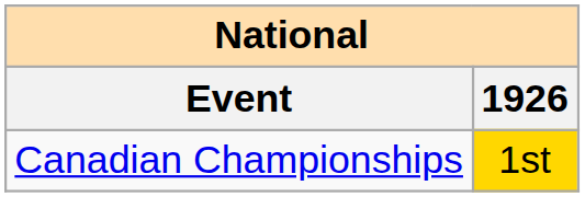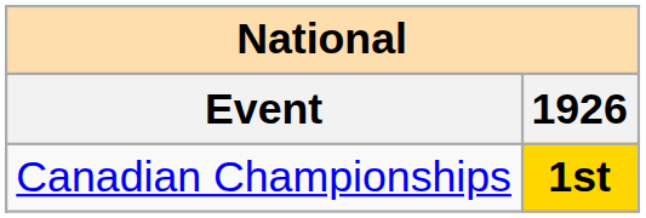 <table class="wikitable" style="text-align:center">
 <tr>
 <th style="background-color: #ffdead; " colspan=2 align=center><strong>National</strong></th>
 </tr>
 <tr>
 <th>Event</th>
 <th>1926</th>
 </tr>
 <tr>
 <td align=left><a href='#'>Canadian Championships</a></td>
-<td bgcolor=gold>1st</td>
+<td bgcolor=gold><strong>1st</strong></td>
 </tr>
 </table>
